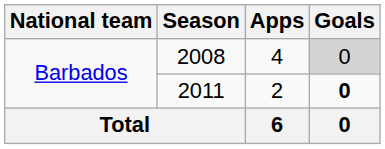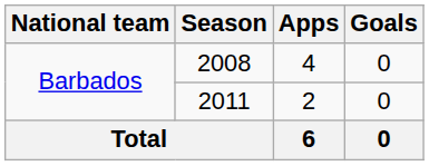 <table class="wikitable" style="text-align: center;">
 <tr>
 <th>National team</th>
 <th>Season</th>
 <th>Apps</th>
 <th>Goals</th>
 </tr>
 <tr>
 <td rowspan="2" valign="center"><a href='#'>Barbados</a></td>
 <td>2008</td>
 <td>4</td>
-<td style="background: lightgrey;">0</td>
+<td>0</td>
 </tr>
 <tr>
 <td>2011</td>
 <td>2</td>
-<td><strong>0</strong></td>
+<td>0</td>
 </tr>
 <tr>
 <th colspan="2">Total</th>
 <th>6</th>
 <th>0</th>
 </tr>
 </table>
